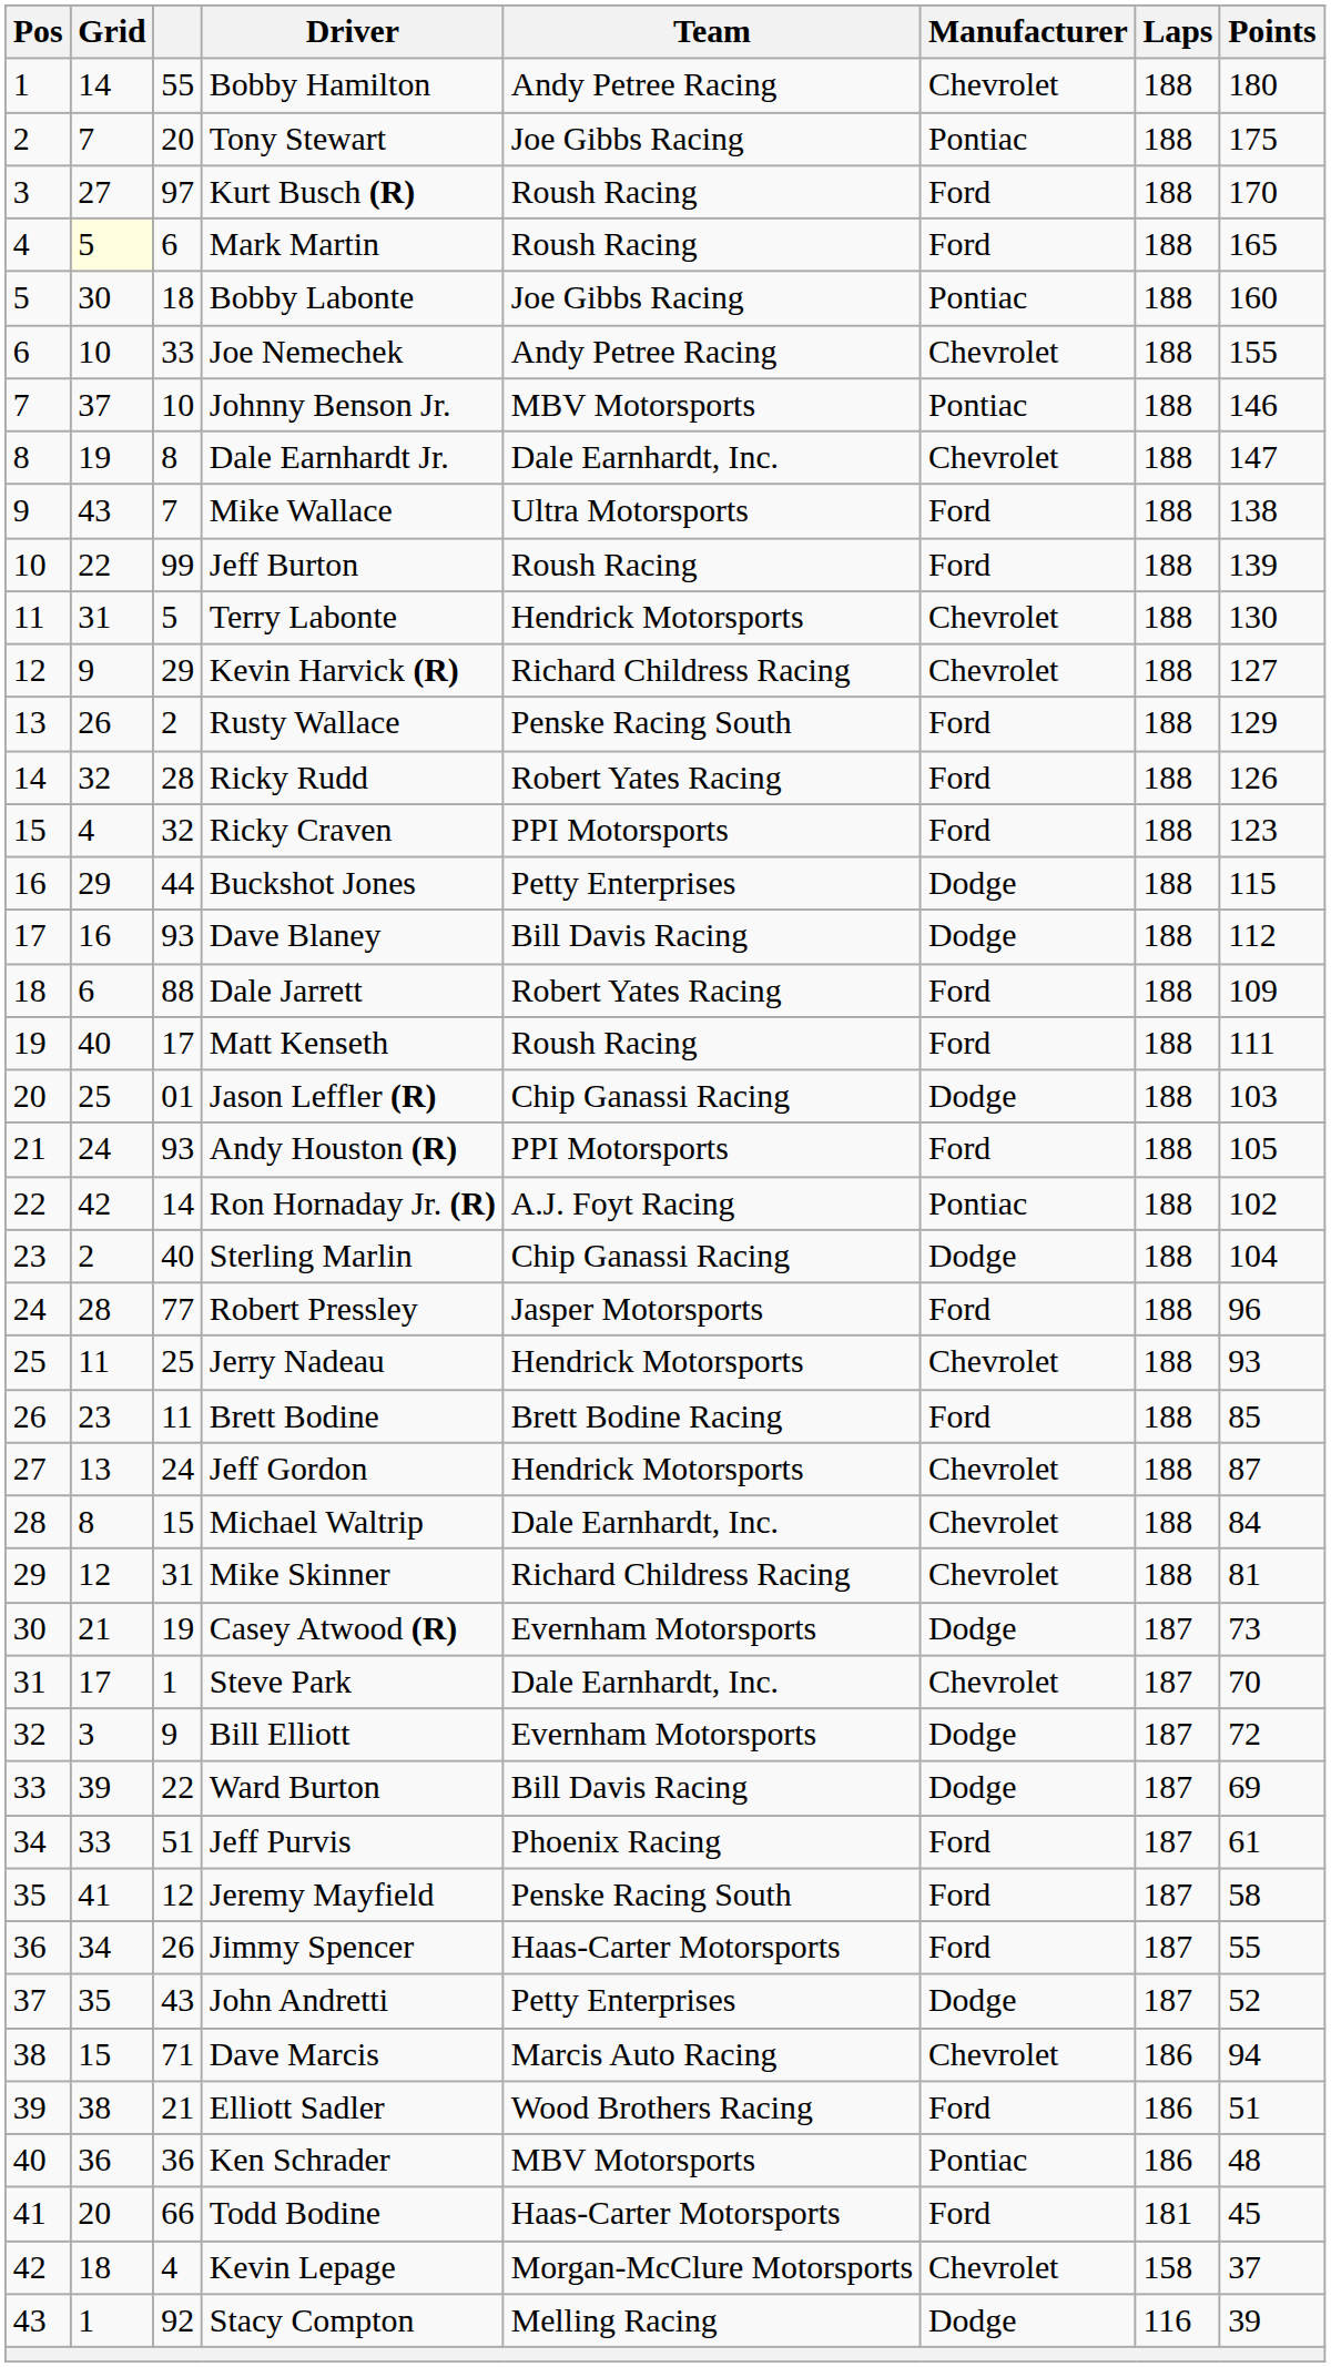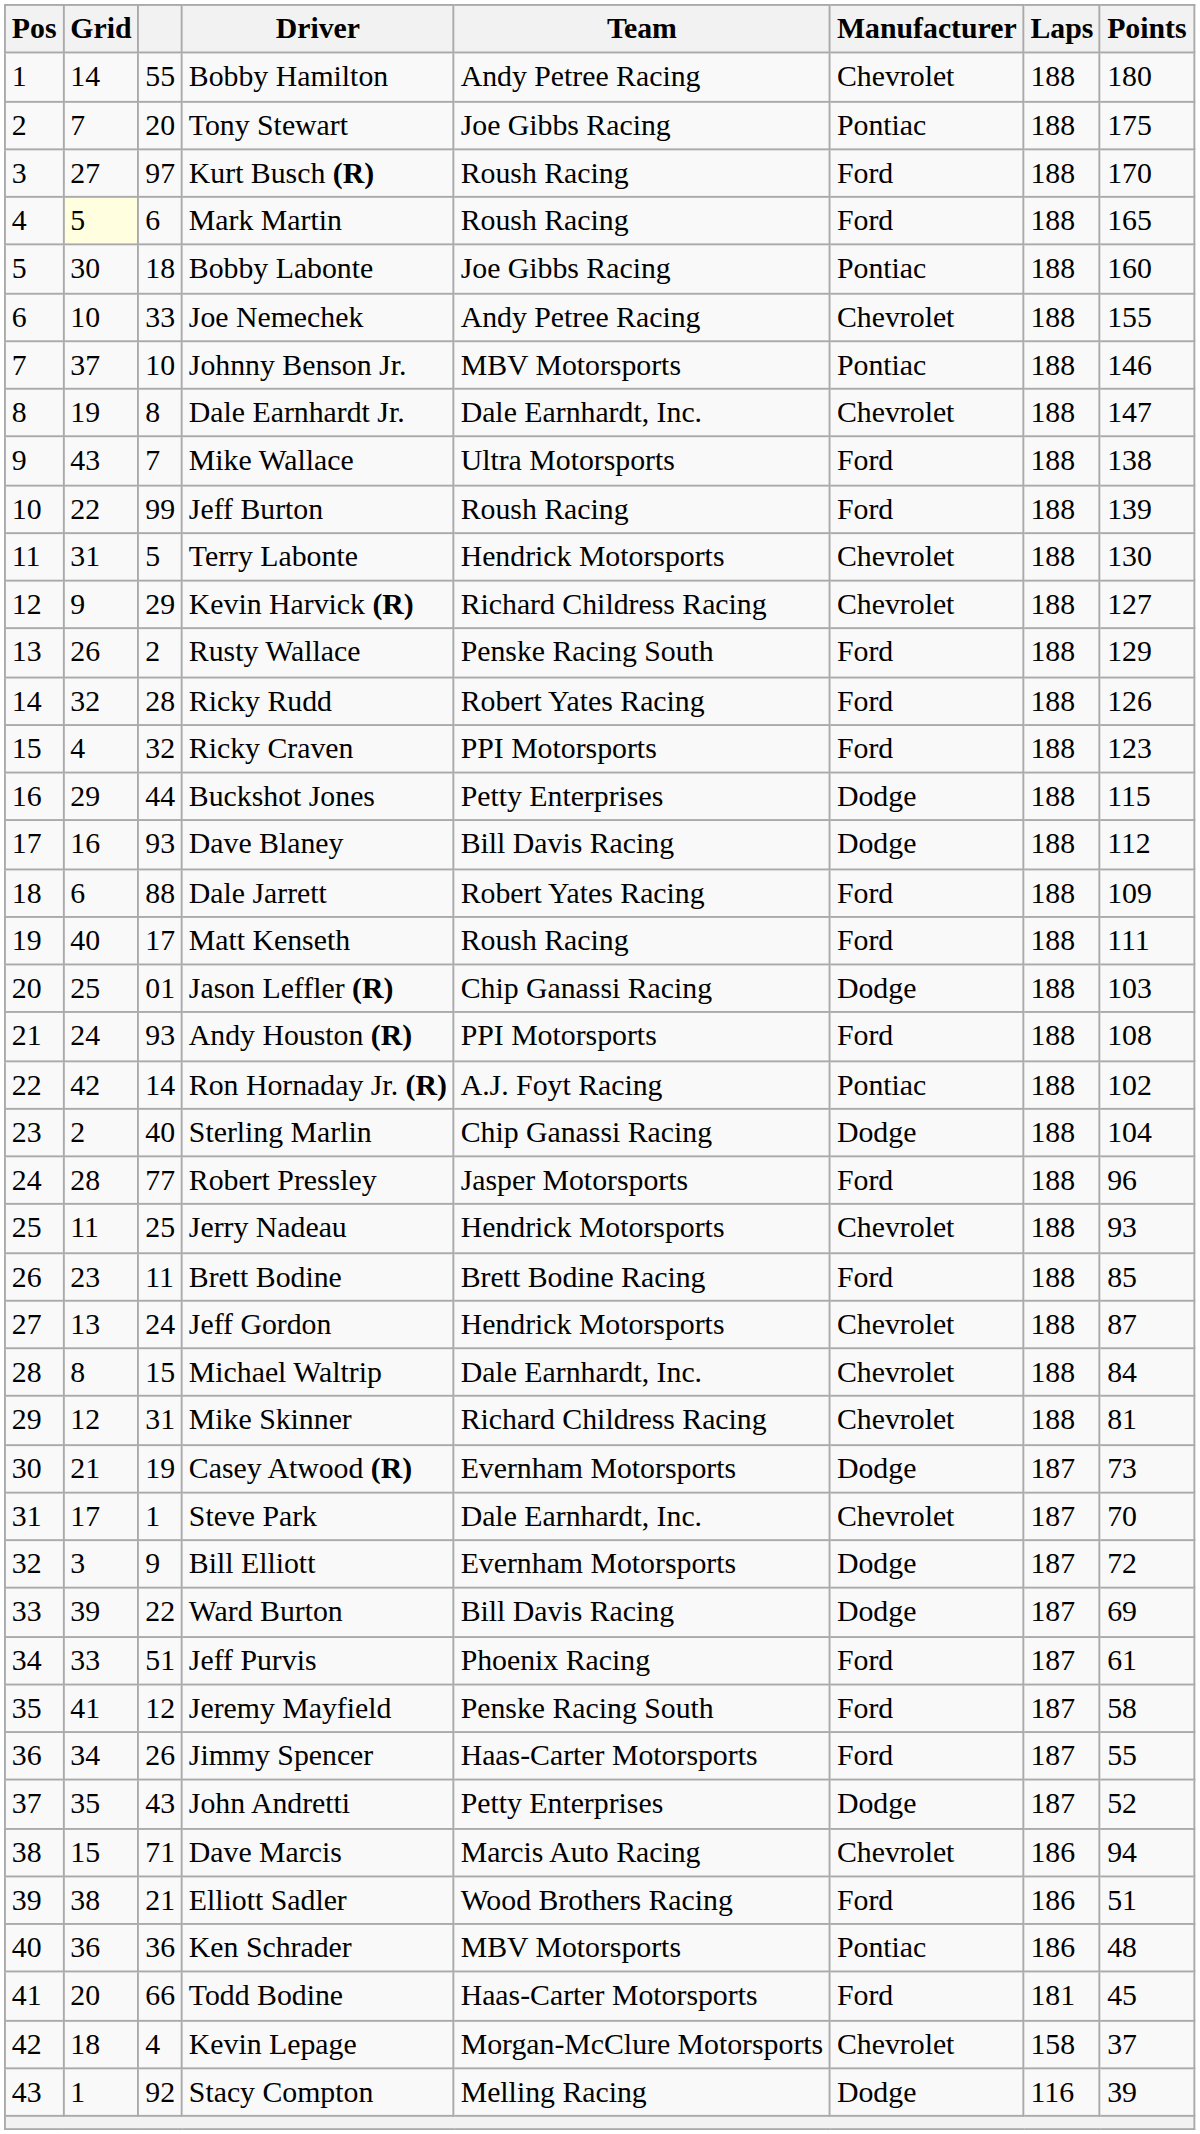 <table class="wikitable" style="font-size:98%">
 <tr>
 <th>Pos</th>
 <th>Grid</th>
 <th></th>
 <th>Driver</th>
 <th>Team</th>
 <th>Manufacturer</th>
 <th>Laps</th>
 <th>Points</th>
 </tr>
 <tr>
 <td>1</td>
 <td>14</td>
 <td>55</td>
 <td>Bobby Hamilton</td>
 <td>Andy Petree Racing</td>
 <td>Chevrolet</td>
 <td>188</td>
 <td>180</td>
 </tr>
 <tr>
 <td>2</td>
 <td>7</td>
 <td>20</td>
 <td>Tony Stewart</td>
 <td>Joe Gibbs Racing</td>
 <td>Pontiac</td>
 <td>188</td>
 <td>175</td>
 </tr>
 <tr>
 <td>3</td>
 <td>27</td>
 <td>97</td>
 <td>Kurt Busch <strong>(R)</strong></td>
 <td>Roush Racing</td>
 <td>Ford</td>
 <td>188</td>
 <td>170</td>
 </tr>
 <tr>
 <td>4</td>
 <td style="background: lightyellow;">5</td>
 <td>6</td>
 <td>Mark Martin</td>
 <td>Roush Racing</td>
 <td>Ford</td>
 <td>188</td>
 <td>165</td>
 </tr>
 <tr>
 <td>5</td>
 <td>30</td>
 <td>18</td>
 <td>Bobby Labonte</td>
 <td>Joe Gibbs Racing</td>
 <td>Pontiac</td>
 <td>188</td>
 <td>160</td>
 </tr>
 <tr>
 <td>6</td>
 <td>10</td>
 <td>33</td>
 <td>Joe Nemechek</td>
 <td>Andy Petree Racing</td>
 <td>Chevrolet</td>
 <td>188</td>
 <td>155</td>
 </tr>
 <tr>
 <td>7</td>
 <td>37</td>
 <td>10</td>
 <td>Johnny Benson Jr.</td>
 <td>MBV Motorsports</td>
 <td>Pontiac</td>
 <td>188</td>
 <td>146</td>
 </tr>
 <tr>
 <td>8</td>
 <td>19</td>
 <td>8</td>
 <td>Dale Earnhardt Jr.</td>
 <td>Dale Earnhardt, Inc.</td>
 <td>Chevrolet</td>
 <td>188</td>
 <td>147</td>
 </tr>
 <tr>
 <td>9</td>
 <td>43</td>
 <td>7</td>
 <td>Mike Wallace</td>
 <td>Ultra Motorsports</td>
 <td>Ford</td>
 <td>188</td>
 <td>138</td>
 </tr>
 <tr>
 <td>10</td>
 <td>22</td>
 <td>99</td>
 <td>Jeff Burton</td>
 <td>Roush Racing</td>
 <td>Ford</td>
 <td>188</td>
 <td>139</td>
 </tr>
 <tr>
 <td>11</td>
 <td>31</td>
 <td>5</td>
 <td>Terry Labonte</td>
 <td>Hendrick Motorsports</td>
 <td>Chevrolet</td>
 <td>188</td>
 <td>130</td>
 </tr>
 <tr>
 <td>12</td>
 <td>9</td>
 <td>29</td>
 <td>Kevin Harvick <strong>(R)</strong></td>
 <td>Richard Childress Racing</td>
 <td>Chevrolet</td>
 <td>188</td>
 <td>127</td>
 </tr>
 <tr>
 <td>13</td>
 <td>26</td>
 <td>2</td>
 <td>Rusty Wallace</td>
 <td>Penske Racing South</td>
 <td>Ford</td>
 <td>188</td>
 <td>129</td>
 </tr>
 <tr>
 <td>14</td>
 <td>32</td>
 <td>28</td>
 <td>Ricky Rudd</td>
 <td>Robert Yates Racing</td>
 <td>Ford</td>
 <td>188</td>
 <td>126</td>
 </tr>
 <tr>
 <td>15</td>
 <td>4</td>
 <td>32</td>
 <td>Ricky Craven</td>
 <td>PPI Motorsports</td>
 <td>Ford</td>
 <td>188</td>
 <td>123</td>
 </tr>
 <tr>
 <td>16</td>
 <td>29</td>
 <td>44</td>
 <td>Buckshot Jones</td>
 <td>Petty Enterprises</td>
 <td>Dodge</td>
 <td>188</td>
 <td>115</td>
 </tr>
 <tr>
 <td>17</td>
 <td>16</td>
 <td>93</td>
 <td>Dave Blaney</td>
 <td>Bill Davis Racing</td>
 <td>Dodge</td>
 <td>188</td>
 <td>112</td>
 </tr>
 <tr>
 <td>18</td>
 <td>6</td>
 <td>88</td>
 <td>Dale Jarrett</td>
 <td>Robert Yates Racing</td>
 <td>Ford</td>
 <td>188</td>
 <td>109</td>
 </tr>
 <tr>
 <td>19</td>
 <td>40</td>
 <td>17</td>
 <td>Matt Kenseth</td>
 <td>Roush Racing</td>
 <td>Ford</td>
 <td>188</td>
 <td>111</td>
 </tr>
 <tr>
 <td>20</td>
 <td>25</td>
 <td>01</td>
 <td>Jason Leffler <strong>(R)</strong></td>
 <td>Chip Ganassi Racing</td>
 <td>Dodge</td>
 <td>188</td>
 <td>103</td>
 </tr>
 <tr>
 <td>21</td>
 <td>24</td>
 <td>93</td>
 <td>Andy Houston <strong>(R)</strong></td>
 <td>PPI Motorsports</td>
 <td>Ford</td>
 <td>188</td>
-<td>105</td>
+<td>108</td>
 </tr>
 <tr>
 <td>22</td>
 <td>42</td>
 <td>14</td>
 <td>Ron Hornaday Jr. <strong>(R)</strong></td>
 <td>A.J. Foyt Racing</td>
 <td>Pontiac</td>
 <td>188</td>
 <td>102</td>
 </tr>
 <tr>
 <td>23</td>
 <td>2</td>
 <td>40</td>
 <td>Sterling Marlin</td>
 <td>Chip Ganassi Racing</td>
 <td>Dodge</td>
 <td>188</td>
 <td>104</td>
 </tr>
 <tr>
 <td>24</td>
 <td>28</td>
 <td>77</td>
 <td>Robert Pressley</td>
 <td>Jasper Motorsports</td>
 <td>Ford</td>
 <td>188</td>
 <td>96</td>
 </tr>
 <tr>
 <td>25</td>
 <td>11</td>
 <td>25</td>
 <td>Jerry Nadeau</td>
 <td>Hendrick Motorsports</td>
 <td>Chevrolet</td>
 <td>188</td>
 <td>93</td>
 </tr>
 <tr>
 <td>26</td>
 <td>23</td>
 <td>11</td>
 <td>Brett Bodine</td>
 <td>Brett Bodine Racing</td>
 <td>Ford</td>
 <td>188</td>
 <td>85</td>
 </tr>
 <tr>
 <td>27</td>
 <td>13</td>
 <td>24</td>
 <td>Jeff Gordon</td>
 <td>Hendrick Motorsports</td>
 <td>Chevrolet</td>
 <td>188</td>
 <td>87</td>
 </tr>
 <tr>
 <td>28</td>
 <td>8</td>
 <td>15</td>
 <td>Michael Waltrip</td>
 <td>Dale Earnhardt, Inc.</td>
 <td>Chevrolet</td>
 <td>188</td>
 <td>84</td>
 </tr>
 <tr>
 <td>29</td>
 <td>12</td>
 <td>31</td>
 <td>Mike Skinner</td>
 <td>Richard Childress Racing</td>
 <td>Chevrolet</td>
 <td>188</td>
 <td>81</td>
 </tr>
 <tr>
 <td>30</td>
 <td>21</td>
 <td>19</td>
 <td>Casey Atwood <strong>(R)</strong></td>
 <td>Evernham Motorsports</td>
 <td>Dodge</td>
 <td>187</td>
 <td>73</td>
 </tr>
 <tr>
 <td>31</td>
 <td>17</td>
 <td>1</td>
 <td>Steve Park</td>
 <td>Dale Earnhardt, Inc.</td>
 <td>Chevrolet</td>
 <td>187</td>
 <td>70</td>
 </tr>
 <tr>
 <td>32</td>
 <td>3</td>
 <td>9</td>
 <td>Bill Elliott</td>
 <td>Evernham Motorsports</td>
 <td>Dodge</td>
 <td>187</td>
 <td>72</td>
 </tr>
 <tr>
 <td>33</td>
 <td>39</td>
 <td>22</td>
 <td>Ward Burton</td>
 <td>Bill Davis Racing</td>
 <td>Dodge</td>
 <td>187</td>
 <td>69</td>
 </tr>
 <tr>
 <td>34</td>
 <td>33</td>
 <td>51</td>
 <td>Jeff Purvis</td>
 <td>Phoenix Racing</td>
 <td>Ford</td>
 <td>187</td>
 <td>61</td>
 </tr>
 <tr>
 <td>35</td>
 <td>41</td>
 <td>12</td>
 <td>Jeremy Mayfield</td>
 <td>Penske Racing South</td>
 <td>Ford</td>
 <td>187</td>
 <td>58</td>
 </tr>
 <tr>
 <td>36</td>
 <td>34</td>
 <td>26</td>
 <td>Jimmy Spencer</td>
 <td>Haas-Carter Motorsports</td>
 <td>Ford</td>
 <td>187</td>
 <td>55</td>
 </tr>
 <tr>
 <td>37</td>
 <td>35</td>
 <td>43</td>
 <td>John Andretti</td>
 <td>Petty Enterprises</td>
 <td>Dodge</td>
 <td>187</td>
 <td>52</td>
 </tr>
 <tr>
 <td>38</td>
 <td>15</td>
 <td>71</td>
 <td>Dave Marcis</td>
 <td>Marcis Auto Racing</td>
 <td>Chevrolet</td>
 <td>186</td>
 <td>94</td>
 </tr>
 <tr>
 <td>39</td>
 <td>38</td>
 <td>21</td>
 <td>Elliott Sadler</td>
 <td>Wood Brothers Racing</td>
 <td>Ford</td>
 <td>186</td>
 <td>51</td>
 </tr>
 <tr>
 <td>40</td>
 <td>36</td>
 <td>36</td>
 <td>Ken Schrader</td>
 <td>MBV Motorsports</td>
 <td>Pontiac</td>
 <td>186</td>
 <td>48</td>
 </tr>
 <tr>
 <td>41</td>
 <td>20</td>
 <td>66</td>
 <td>Todd Bodine</td>
 <td>Haas-Carter Motorsports</td>
 <td>Ford</td>
 <td>181</td>
 <td>45</td>
 </tr>
 <tr>
 <td>42</td>
 <td>18</td>
 <td>4</td>
 <td>Kevin Lepage</td>
 <td>Morgan-McClure Motorsports</td>
 <td>Chevrolet</td>
 <td>158</td>
 <td>37</td>
 </tr>
 <tr>
 <td>43</td>
 <td>1</td>
 <td>92</td>
 <td>Stacy Compton</td>
 <td>Melling Racing</td>
 <td>Dodge</td>
 <td>116</td>
 <td>39</td>
 </tr>
 <tr>
 <th colspan="8"></th>
 </tr>
 </table>
